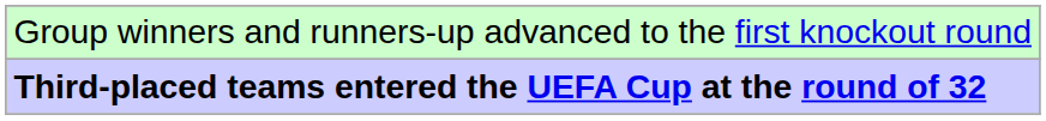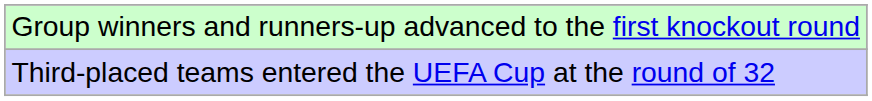 <table class="wikitable">
 <tr bgcolor=#ccffcc>
 <td>Group winners and runners-up advanced to the <a href='#'>first knockout round</a></td>
 </tr>
 <tr bgcolor=#ccccff>
-<td><strong>Third-placed teams entered the <a href='#'>UEFA Cup</a> at the <a href='#'>round of 32</a></strong></td>
+<td>Third-placed teams entered the <a href='#'>UEFA Cup</a> at the <a href='#'>round of 32</a></td>
 </tr>
 </table>
